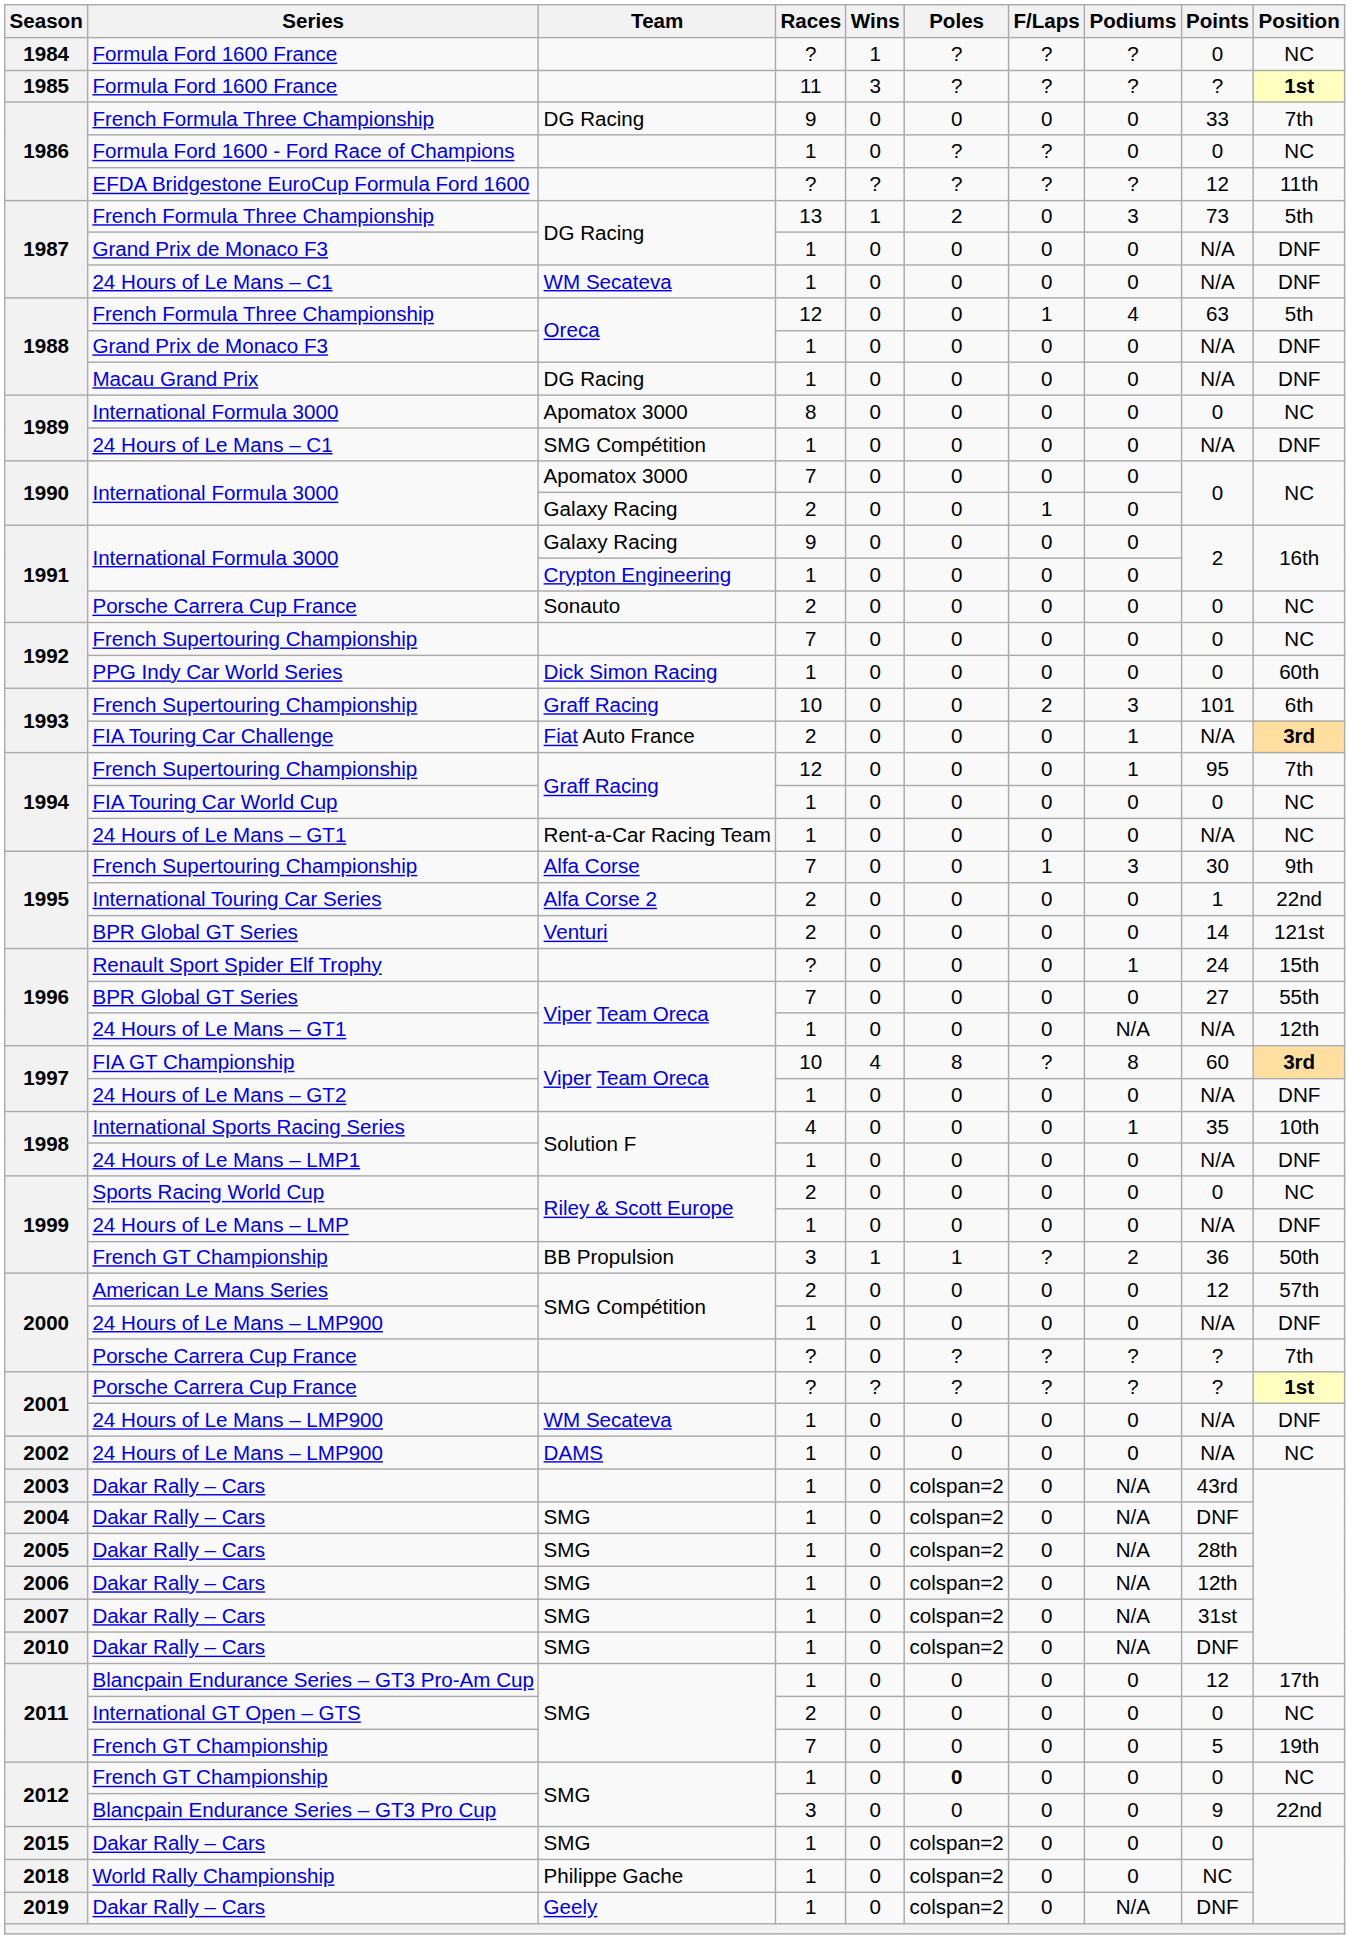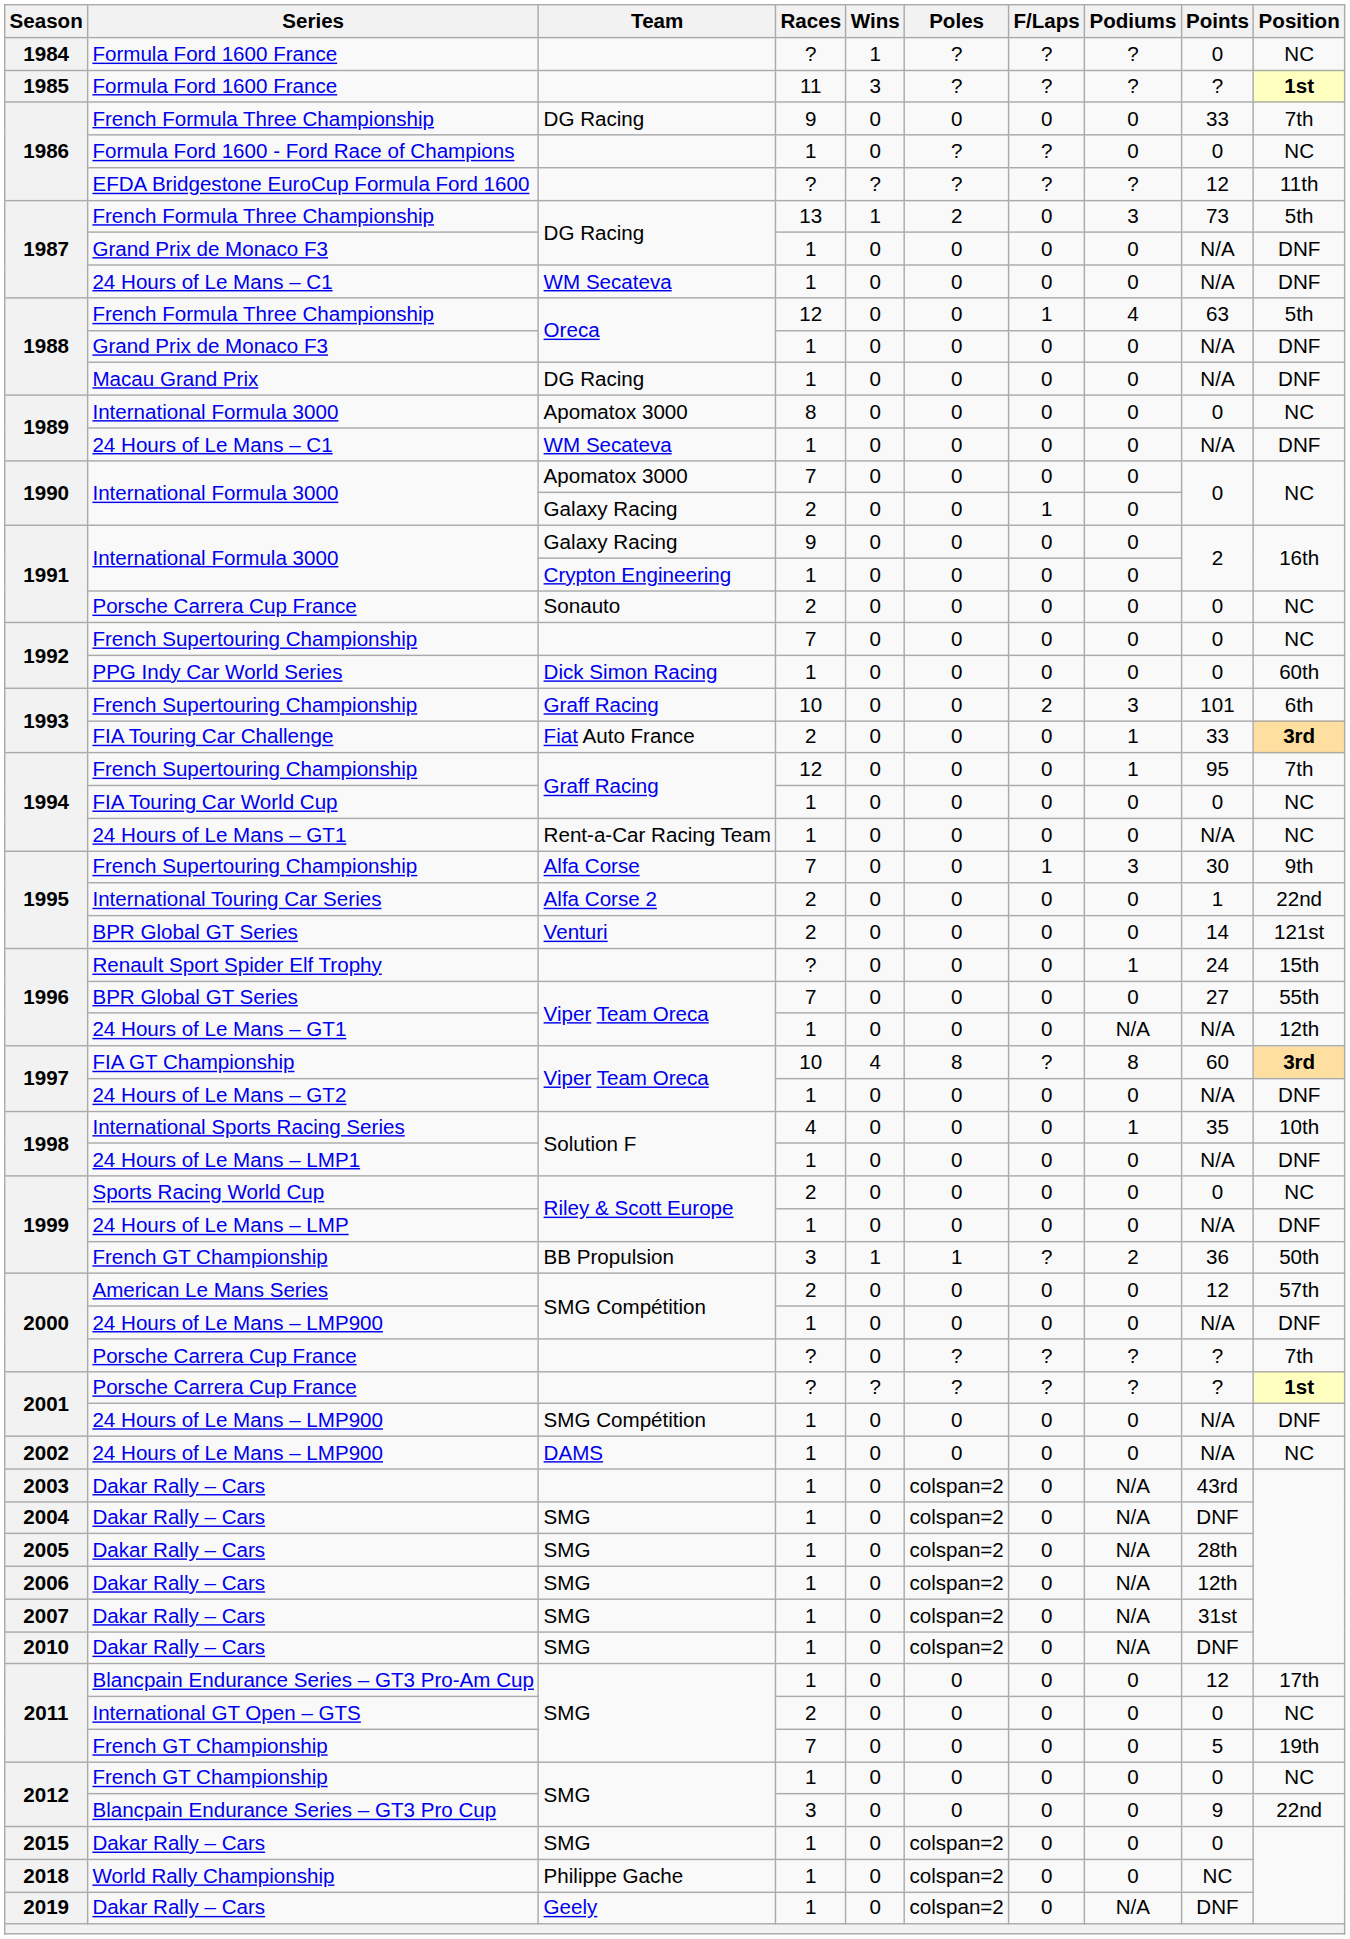 <table class="wikitable" style="font-size: 90%; text-align:center">
 <tr>
 <th>Season</th>
 <th>Series</th>
 <th>Team</th>
 <th>Races</th>
 <th>Wins</th>
 <th>Poles</th>
 <th>F/Laps</th>
 <th>Podiums</th>
 <th>Points</th>
 <th>Position</th>
 </tr>
 <tr>
 <th>1984</th>
 <td align=left><a href='#'>Formula Ford 1600 France</a></td>
 <td align=left></td>
 <td>?</td>
 <td>1</td>
 <td>?</td>
 <td>?</td>
 <td>?</td>
 <td>0</td>
 <td>NC</td>
 </tr>
 <tr>
 <th>1985</th>
 <td align=left><a href='#'>Formula Ford 1600 France</a></td>
 <td align=left></td>
 <td>11</td>
 <td>3</td>
 <td>?</td>
 <td>?</td>
 <td>?</td>
 <td>?</td>
 <td style="background:#FFFFBF;"><strong>1st</strong></td>
 </tr>
 <tr>
 <th rowspan=3>1986</th>
 <td align=left><a href='#'>French Formula Three Championship</a></td>
 <td align=left>DG Racing</td>
 <td>9</td>
 <td>0</td>
 <td>0</td>
 <td>0</td>
 <td>0</td>
 <td>33</td>
 <td>7th</td>
 </tr>
 <tr>
 <td align=left><a href='#'>Formula Ford 1600 - Ford Race of Champions</a></td>
 <td align=left></td>
 <td>1</td>
 <td>0</td>
 <td>?</td>
 <td>?</td>
 <td>0</td>
 <td>0</td>
 <td>NC</td>
 </tr>
 <tr>
 <td align=left><a href='#'>EFDA Bridgestone EuroCup Formula Ford 1600</a></td>
 <td align=left></td>
 <td>?</td>
 <td>?</td>
 <td>?</td>
 <td>?</td>
 <td>?</td>
 <td>12</td>
 <td>11th</td>
 </tr>
 <tr>
 <th rowspan=3>1987</th>
 <td align=left><a href='#'>French Formula Three Championship</a></td>
 <td rowspan=2 align=left>DG Racing</td>
 <td>13</td>
 <td>1</td>
 <td>2</td>
 <td>0</td>
 <td>3</td>
 <td>73</td>
 <td>5th</td>
 </tr>
 <tr>
 <td align=left><a href='#'>Grand Prix de Monaco F3</a></td>
 <td>1</td>
 <td>0</td>
 <td>0</td>
 <td>0</td>
 <td>0</td>
 <td>N/A</td>
 <td>DNF</td>
 </tr>
 <tr>
 <td align=left><a href='#'>24 Hours of Le Mans – C1</a></td>
 <td align=left><a href='#'>WM Secateva</a></td>
 <td>1</td>
 <td>0</td>
 <td>0</td>
 <td>0</td>
 <td>0</td>
 <td>N/A</td>
 <td>DNF</td>
 </tr>
 <tr>
 <th rowspan=3>1988</th>
 <td align=left><a href='#'>French Formula Three Championship</a></td>
 <td rowspan=2 align=left><a href='#'>Oreca</a></td>
 <td>12</td>
 <td>0</td>
 <td>0</td>
 <td>1</td>
 <td>4</td>
 <td>63</td>
 <td>5th</td>
 </tr>
 <tr>
 <td align=left><a href='#'>Grand Prix de Monaco F3</a></td>
 <td>1</td>
 <td>0</td>
 <td>0</td>
 <td>0</td>
 <td>0</td>
 <td>N/A</td>
 <td>DNF</td>
 </tr>
 <tr>
 <td align=left><a href='#'>Macau Grand Prix</a></td>
 <td align=left>DG Racing</td>
 <td>1</td>
 <td>0</td>
 <td>0</td>
 <td>0</td>
 <td>0</td>
 <td>N/A</td>
 <td>DNF</td>
 </tr>
 <tr>
 <th rowspan=2>1989</th>
 <td align=left><a href='#'>International Formula 3000</a></td>
 <td align=left>Apomatox 3000</td>
 <td>8</td>
 <td>0</td>
 <td>0</td>
 <td>0</td>
 <td>0</td>
 <td>0</td>
 <td>NC</td>
 </tr>
 <tr>
 <td align=left><a href='#'>24 Hours of Le Mans – C1</a></td>
-<td align=left>SMG Compétition</td>
+<td align=left><a href='#'>WM Secateva</a></td>
 <td>1</td>
 <td>0</td>
 <td>0</td>
 <td>0</td>
 <td>0</td>
 <td>N/A</td>
 <td>DNF</td>
 </tr>
 <tr>
 <th rowspan=2>1990</th>
 <td rowspan=2 align=left><a href='#'>International Formula 3000</a></td>
 <td align=left>Apomatox 3000</td>
 <td>7</td>
 <td>0</td>
 <td>0</td>
 <td>0</td>
 <td>0</td>
 <td rowspan=2>0</td>
 <td rowspan=2>NC</td>
 </tr>
 <tr>
 <td align=left>Galaxy Racing</td>
 <td>2</td>
 <td>0</td>
 <td>0</td>
 <td>1</td>
 <td>0</td>
 </tr>
 <tr>
 <th rowspan=3>1991</th>
 <td rowspan=2 align=left><a href='#'>International Formula 3000</a></td>
 <td align=left>Galaxy Racing</td>
 <td>9</td>
 <td>0</td>
 <td>0</td>
 <td>0</td>
 <td>0</td>
 <td rowspan=2>2</td>
 <td rowspan=2>16th</td>
 </tr>
 <tr>
 <td align=left><a href='#'>Crypton Engineering</a></td>
 <td>1</td>
 <td>0</td>
 <td>0</td>
 <td>0</td>
 <td>0</td>
 </tr>
 <tr>
 <td align=left><a href='#'>Porsche Carrera Cup France</a></td>
 <td align=left>Sonauto</td>
 <td>2</td>
 <td>0</td>
 <td>0</td>
 <td>0</td>
 <td>0</td>
 <td>0</td>
 <td>NC</td>
 </tr>
 <tr>
 <th rowspan=2>1992</th>
 <td align=left><a href='#'>French Supertouring Championship</a></td>
 <td align=left></td>
 <td>7</td>
 <td>0</td>
 <td>0</td>
 <td>0</td>
 <td>0</td>
 <td>0</td>
 <td>NC</td>
 </tr>
 <tr>
 <td align=left><a href='#'>PPG Indy Car World Series</a></td>
 <td align=left><a href='#'>Dick Simon Racing</a></td>
 <td>1</td>
 <td>0</td>
 <td>0</td>
 <td>0</td>
 <td>0</td>
 <td>0</td>
 <td>60th</td>
 </tr>
 <tr>
 <th rowspan=2>1993</th>
 <td align=left><a href='#'>French Supertouring Championship</a></td>
 <td align=left><a href='#'>Graff Racing</a></td>
 <td>10</td>
 <td>0</td>
 <td>0</td>
 <td>2</td>
 <td>3</td>
 <td>101</td>
 <td>6th</td>
 </tr>
 <tr>
 <td align=left><a href='#'>FIA Touring Car Challenge</a></td>
 <td align=left><a href='#'>Fiat</a> Auto France</td>
 <td>2</td>
 <td>0</td>
 <td>0</td>
 <td>0</td>
 <td>1</td>
-<td>N/A</td>
+<td>33</td>
 <td style="background:#FFDF9F;"><strong>3rd</strong></td>
 </tr>
 <tr>
 <th rowspan=3>1994</th>
 <td align=left><a href='#'>French Supertouring Championship</a></td>
 <td rowspan=2 align=left><a href='#'>Graff Racing</a></td>
 <td>12</td>
 <td>0</td>
 <td>0</td>
 <td>0</td>
 <td>1</td>
 <td>95</td>
 <td>7th</td>
 </tr>
 <tr>
 <td align=left><a href='#'>FIA Touring Car World Cup</a></td>
 <td>1</td>
 <td>0</td>
 <td>0</td>
 <td>0</td>
 <td>0</td>
 <td>0</td>
 <td>NC</td>
 </tr>
 <tr>
 <td align=left><a href='#'>24 Hours of Le Mans – GT1</a></td>
 <td align=left>Rent-a-Car Racing Team</td>
 <td>1</td>
 <td>0</td>
 <td>0</td>
 <td>0</td>
 <td>0</td>
 <td>N/A</td>
 <td>NC</td>
 </tr>
 <tr>
 <th rowspan=3>1995</th>
 <td align=left><a href='#'>French Supertouring Championship</a></td>
 <td align=left><a href='#'>Alfa Corse</a></td>
 <td>7</td>
 <td>0</td>
 <td>0</td>
 <td>1</td>
 <td>3</td>
 <td>30</td>
 <td>9th</td>
 </tr>
 <tr>
 <td align=left><a href='#'>International Touring Car Series</a></td>
 <td align=left><a href='#'>Alfa Corse 2</a></td>
 <td>2</td>
 <td>0</td>
 <td>0</td>
 <td>0</td>
 <td>0</td>
 <td>1</td>
 <td>22nd</td>
 </tr>
 <tr>
 <td align=left><a href='#'>BPR Global GT Series</a></td>
 <td align=left><a href='#'>Venturi</a></td>
 <td>2</td>
 <td>0</td>
 <td>0</td>
 <td>0</td>
 <td>0</td>
 <td>14</td>
 <td>121st</td>
 </tr>
 <tr>
 <th rowspan=3>1996</th>
 <td align=left><a href='#'>Renault Sport Spider Elf Trophy</a></td>
 <td align=left></td>
 <td>?</td>
 <td>0</td>
 <td>0</td>
 <td>0</td>
 <td>1</td>
 <td>24</td>
 <td>15th</td>
 </tr>
 <tr>
 <td align=left><a href='#'>BPR Global GT Series</a></td>
 <td rowspan=2 align=left><a href='#'>Viper</a> <a href='#'>Team Oreca</a></td>
 <td>7</td>
 <td>0</td>
 <td>0</td>
 <td>0</td>
 <td>0</td>
 <td>27</td>
 <td>55th</td>
 </tr>
 <tr>
 <td align=left><a href='#'>24 Hours of Le Mans – GT1</a></td>
 <td>1</td>
 <td>0</td>
 <td>0</td>
 <td>0</td>
 <td>N/A</td>
 <td>N/A</td>
 <td>12th</td>
 </tr>
 <tr>
 <th rowspan=2>1997</th>
 <td align=left><a href='#'>FIA GT Championship</a></td>
 <td rowspan=2 align=left><a href='#'>Viper</a> <a href='#'>Team Oreca</a></td>
 <td>10</td>
 <td>4</td>
 <td>8</td>
 <td>?</td>
 <td>8</td>
 <td>60</td>
 <td style="background:#FFDF9F;"><strong>3rd</strong></td>
 </tr>
 <tr>
 <td align=left><a href='#'>24 Hours of Le Mans – GT2</a></td>
 <td>1</td>
 <td>0</td>
 <td>0</td>
 <td>0</td>
 <td>0</td>
 <td>N/A</td>
 <td>DNF</td>
 </tr>
 <tr>
 <th rowspan=2>1998</th>
 <td align=left><a href='#'>International Sports Racing Series</a></td>
 <td rowspan=2 align=left>Solution F</td>
 <td>4</td>
 <td>0</td>
 <td>0</td>
 <td>0</td>
 <td>1</td>
 <td>35</td>
 <td>10th</td>
 </tr>
 <tr>
 <td align=left><a href='#'>24 Hours of Le Mans – LMP1</a></td>
 <td>1</td>
 <td>0</td>
 <td>0</td>
 <td>0</td>
 <td>0</td>
 <td>N/A</td>
 <td>DNF</td>
 </tr>
 <tr>
 <th rowspan=3>1999</th>
 <td align=left><a href='#'>Sports Racing World Cup</a></td>
 <td rowspan=2 align=left><a href='#'>Riley & Scott Europe</a></td>
 <td>2</td>
 <td>0</td>
 <td>0</td>
 <td>0</td>
 <td>0</td>
 <td>0</td>
 <td>NC</td>
 </tr>
 <tr>
 <td align=left><a href='#'>24 Hours of Le Mans – LMP</a></td>
 <td>1</td>
 <td>0</td>
 <td>0</td>
 <td>0</td>
 <td>0</td>
 <td>N/A</td>
 <td>DNF</td>
 </tr>
 <tr>
 <td align=left><a href='#'>French GT Championship</a></td>
 <td align=left>BB Propulsion</td>
 <td>3</td>
 <td>1</td>
 <td>1</td>
 <td>?</td>
 <td>2</td>
 <td>36</td>
 <td>50th</td>
 </tr>
 <tr>
 <th rowspan=3>2000</th>
 <td align=left><a href='#'>American Le Mans Series</a></td>
 <td rowspan=2 align=left>SMG Compétition</td>
 <td>2</td>
 <td>0</td>
 <td>0</td>
 <td>0</td>
 <td>0</td>
 <td>12</td>
 <td>57th</td>
 </tr>
 <tr>
 <td align=left><a href='#'>24 Hours of Le Mans – LMP900</a></td>
 <td>1</td>
 <td>0</td>
 <td>0</td>
 <td>0</td>
 <td>0</td>
 <td>N/A</td>
 <td>DNF</td>
 </tr>
 <tr>
 <td align=left><a href='#'>Porsche Carrera Cup France</a></td>
 <td align=left></td>
 <td>?</td>
 <td>0</td>
 <td>?</td>
 <td>?</td>
 <td>?</td>
 <td>?</td>
 <td>7th</td>
 </tr>
 <tr>
 <th rowspan=2>2001</th>
 <td align=left><a href='#'>Porsche Carrera Cup France</a></td>
 <td align=left></td>
 <td>?</td>
 <td>?</td>
 <td>?</td>
 <td>?</td>
 <td>?</td>
 <td>?</td>
 <td style="background:#FFFFBF;"><strong>1st</strong></td>
 </tr>
 <tr>
 <td align=left><a href='#'>24 Hours of Le Mans – LMP900</a></td>
-<td align=left><a href='#'>WM Secateva</a></td>
+<td align=left>SMG Compétition</td>
 <td>1</td>
 <td>0</td>
 <td>0</td>
 <td>0</td>
 <td>0</td>
 <td>N/A</td>
 <td>DNF</td>
 </tr>
 <tr>
 <th>2002</th>
 <td align=left><a href='#'>24 Hours of Le Mans – LMP900</a></td>
 <td align=left><a href='#'>DAMS</a></td>
 <td>1</td>
 <td>0</td>
 <td>0</td>
 <td>0</td>
 <td>0</td>
 <td>N/A</td>
 <td>NC</td>
 </tr>
 <tr>
 <th>2003</th>
 <td align=left><a href='#'>Dakar Rally – Cars</a></td>
 <td align=left></td>
 <td>1</td>
 <td>0</td>
 <td>colspan=2 </td>
 <td>0</td>
 <td>N/A</td>
 <td>43rd</td>
 </tr>
 <tr>
 <th>2004</th>
 <td align=left><a href='#'>Dakar Rally – Cars</a></td>
 <td align=left>SMG</td>
 <td>1</td>
 <td>0</td>
 <td>colspan=2 </td>
 <td>0</td>
 <td>N/A</td>
 <td>DNF</td>
 </tr>
 <tr>
 <th>2005</th>
 <td align=left><a href='#'>Dakar Rally – Cars</a></td>
 <td align=left>SMG</td>
 <td>1</td>
 <td>0</td>
 <td>colspan=2 </td>
 <td>0</td>
 <td>N/A</td>
 <td>28th</td>
 </tr>
 <tr>
 <th>2006</th>
 <td align=left><a href='#'>Dakar Rally – Cars</a></td>
 <td align=left>SMG</td>
 <td>1</td>
 <td>0</td>
 <td>colspan=2 </td>
 <td>0</td>
 <td>N/A</td>
 <td>12th</td>
 </tr>
 <tr>
 <th>2007</th>
 <td align=left><a href='#'>Dakar Rally – Cars</a></td>
 <td align=left>SMG</td>
 <td>1</td>
 <td>0</td>
 <td>colspan=2 </td>
 <td>0</td>
 <td>N/A</td>
 <td>31st</td>
 </tr>
 <tr>
 <th>2010</th>
 <td align=left><a href='#'>Dakar Rally – Cars</a></td>
 <td align=left>SMG</td>
 <td>1</td>
 <td>0</td>
 <td>colspan=2 </td>
 <td>0</td>
 <td>N/A</td>
 <td>DNF</td>
 </tr>
 <tr>
 <th rowspan=3>2011</th>
 <td align=left><a href='#'>Blancpain Endurance Series – GT3 Pro-Am Cup</a></td>
 <td rowspan=3 align=left>SMG</td>
 <td>1</td>
 <td>0</td>
 <td>0</td>
 <td>0</td>
 <td>0</td>
 <td>12</td>
 <td>17th</td>
 </tr>
 <tr>
 <td align=left><a href='#'>International GT Open – GTS</a></td>
 <td>2</td>
 <td>0</td>
 <td>0</td>
 <td>0</td>
 <td>0</td>
 <td>0</td>
 <td>NC</td>
 </tr>
 <tr>
 <td align=left><a href='#'>French GT Championship</a></td>
 <td>7</td>
 <td>0</td>
 <td>0</td>
 <td>0</td>
 <td>0</td>
 <td>5</td>
 <td>19th</td>
 </tr>
 <tr>
 <th rowspan=2>2012</th>
 <td align=left><a href='#'>French GT Championship</a></td>
 <td rowspan=2 align=left>SMG</td>
 <td>1</td>
 <td>0</td>
-<td><strong>0</strong></td>
+<td>0</td>
 <td>0</td>
 <td>0</td>
 <td>0</td>
 <td>NC</td>
 </tr>
 <tr>
 <td align=left><a href='#'>Blancpain Endurance Series – GT3 Pro Cup</a></td>
 <td>3</td>
 <td>0</td>
 <td>0</td>
 <td>0</td>
 <td>0</td>
 <td>9</td>
 <td>22nd</td>
 </tr>
 <tr>
 <th>2015</th>
 <td align=left><a href='#'>Dakar Rally – Cars</a></td>
 <td align=left>SMG</td>
 <td>1</td>
 <td>0</td>
 <td>colspan=2 </td>
 <td>0</td>
 <td>0</td>
 <td>0</td>
 </tr>
 <tr>
 <th>2018</th>
 <td align=left><a href='#'>World Rally Championship</a></td>
 <td align=left>Philippe Gache</td>
 <td>1</td>
 <td>0</td>
 <td>colspan=2 </td>
 <td>0</td>
 <td>0</td>
 <td>NC</td>
 </tr>
 <tr>
 <th>2019</th>
 <td align=left><a href='#'>Dakar Rally – Cars</a></td>
 <td align=left><a href='#'>Geely</a></td>
 <td>1</td>
 <td>0</td>
 <td>colspan=2 </td>
 <td>0</td>
 <td>N/A</td>
 <td>DNF</td>
 </tr>
 <tr>
 <th colspan="10"></th>
 </tr>
 </table>
